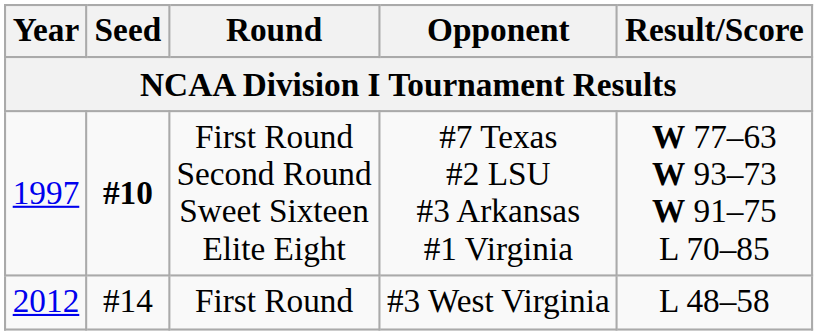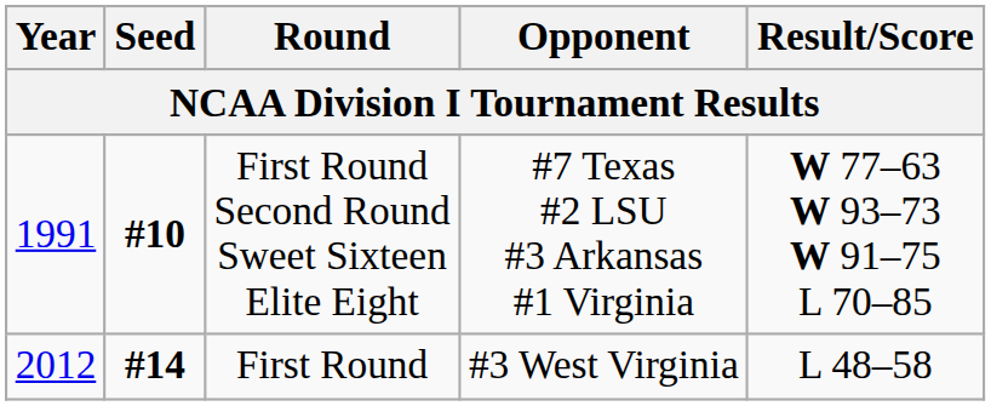 <table class="wikitable">
 <tr>
 <th>Year</th>
 <th>Seed</th>
 <th>Round</th>
 <th>Opponent</th>
 <th>Result/Score</th>
 </tr>
 <tr>
 <th colspan=5>NCAA Division I Tournament Results</th>
 </tr>
 <tr align="center">
-<td><a href='#'>1997</a></td>
+<td><a href='#'>1991</a></td>
 <td><strong>#10</strong></td>
 <td>First Round<br>Second Round<br>Sweet Sixteen<br>Elite Eight</td>
 <td>#7 Texas<br>#2 LSU<br>#3 Arkansas<br>#1 Virginia</td>
 <td><strong>W</strong> 77–63<br><strong>W</strong> 93–73<br><strong>W</strong> 91–75<br>L 70–85</td>
 </tr>
 <tr align="center">
 <td><a href='#'>2012</a></td>
-<td>#14</td>
+<td><strong>#14</strong></td>
 <td>First Round</td>
 <td>#3 West Virginia</td>
 <td>L 48–58</td>
 </tr>
 </table>
